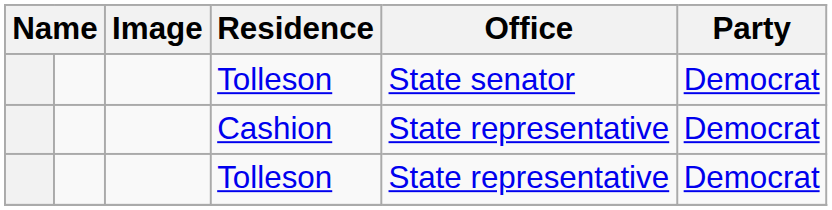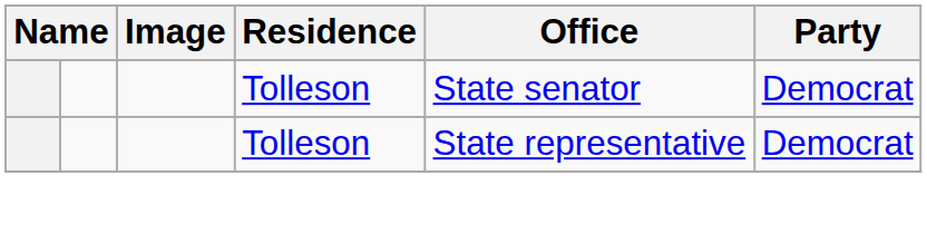 <table class="sortable wikitable">
 <tr valign=bottom>
 <th colspan="2">Name</th>
 <th>Image</th>
 <th>Residence</th>
 <th>Office</th>
 <th>Party</th>
 </tr>
 <tr>
 <th style="background-color:  "></th>
 <td></td>
 <td></td>
 <td><a href='#'>Tolleson</a></td>
 <td><a href='#'>State senator</a></td>
 <td><a href='#'>Democrat</a></td>
 </tr>
 <tr>
 <th style="background-color:  "></th>
 <td></td>
 <td></td>
-<td><a href='#'>Cashion</a></td>
-<td><a href='#'>State representative</a></td>
-<td><a href='#'>Democrat</a></td>
-</tr>
-<tr>
-<th style="background-color:  "></th>
-<td></td>
-<td></td>
 <td><a href='#'>Tolleson</a></td>
 <td><a href='#'>State representative</a></td>
 <td><a href='#'>Democrat</a></td>
 </tr>
 <tr>
 </tr>
 </table>
